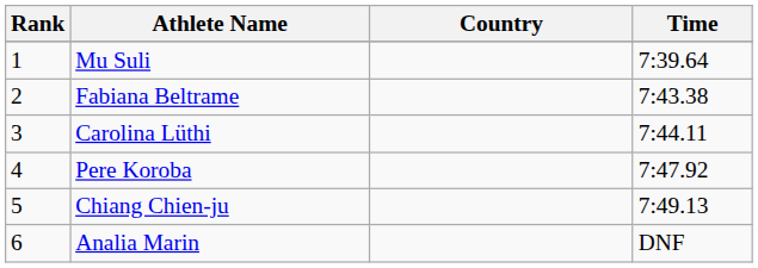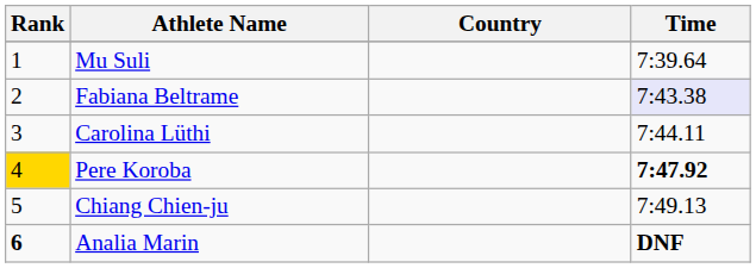 <table class="wikitable sortable">
 <tr>
 <th width=25>Rank</th>
 <th width=200>Athlete Name</th>
 <th width=175>Country</th>
 <th width=75>Time</th>
 </tr>
 <tr>
 </tr>
 <tr>
 <td>1</td>
 <td><a href='#'>Mu Suli</a></td>
 <td></td>
 <td>7:39.64</td>
 </tr>
 <tr>
 <td>2</td>
 <td><a href='#'>Fabiana Beltrame</a></td>
 <td></td>
-<td>7:43.38</td>
+<td style="background: lavender;">7:43.38</td>
 </tr>
 <tr>
 <td>3</td>
 <td><a href='#'>Carolina Lüthi</a></td>
 <td></td>
 <td>7:44.11</td>
 </tr>
 <tr>
-<td>4</td>
+<td style="background: gold;">4</td>
 <td><a href='#'>Pere Koroba</a></td>
 <td></td>
-<td>7:47.92</td>
+<td><strong>7:47.92</strong></td>
 </tr>
 <tr>
 <td>5</td>
 <td><a href='#'>Chiang Chien-ju</a></td>
 <td></td>
 <td>7:49.13</td>
 </tr>
 <tr>
-<td>6</td>
+<td><strong>6</strong></td>
 <td><a href='#'>Analia Marin</a></td>
 <td></td>
-<td>DNF</td>
+<td><strong>DNF</strong></td>
 </tr>
 </table>
